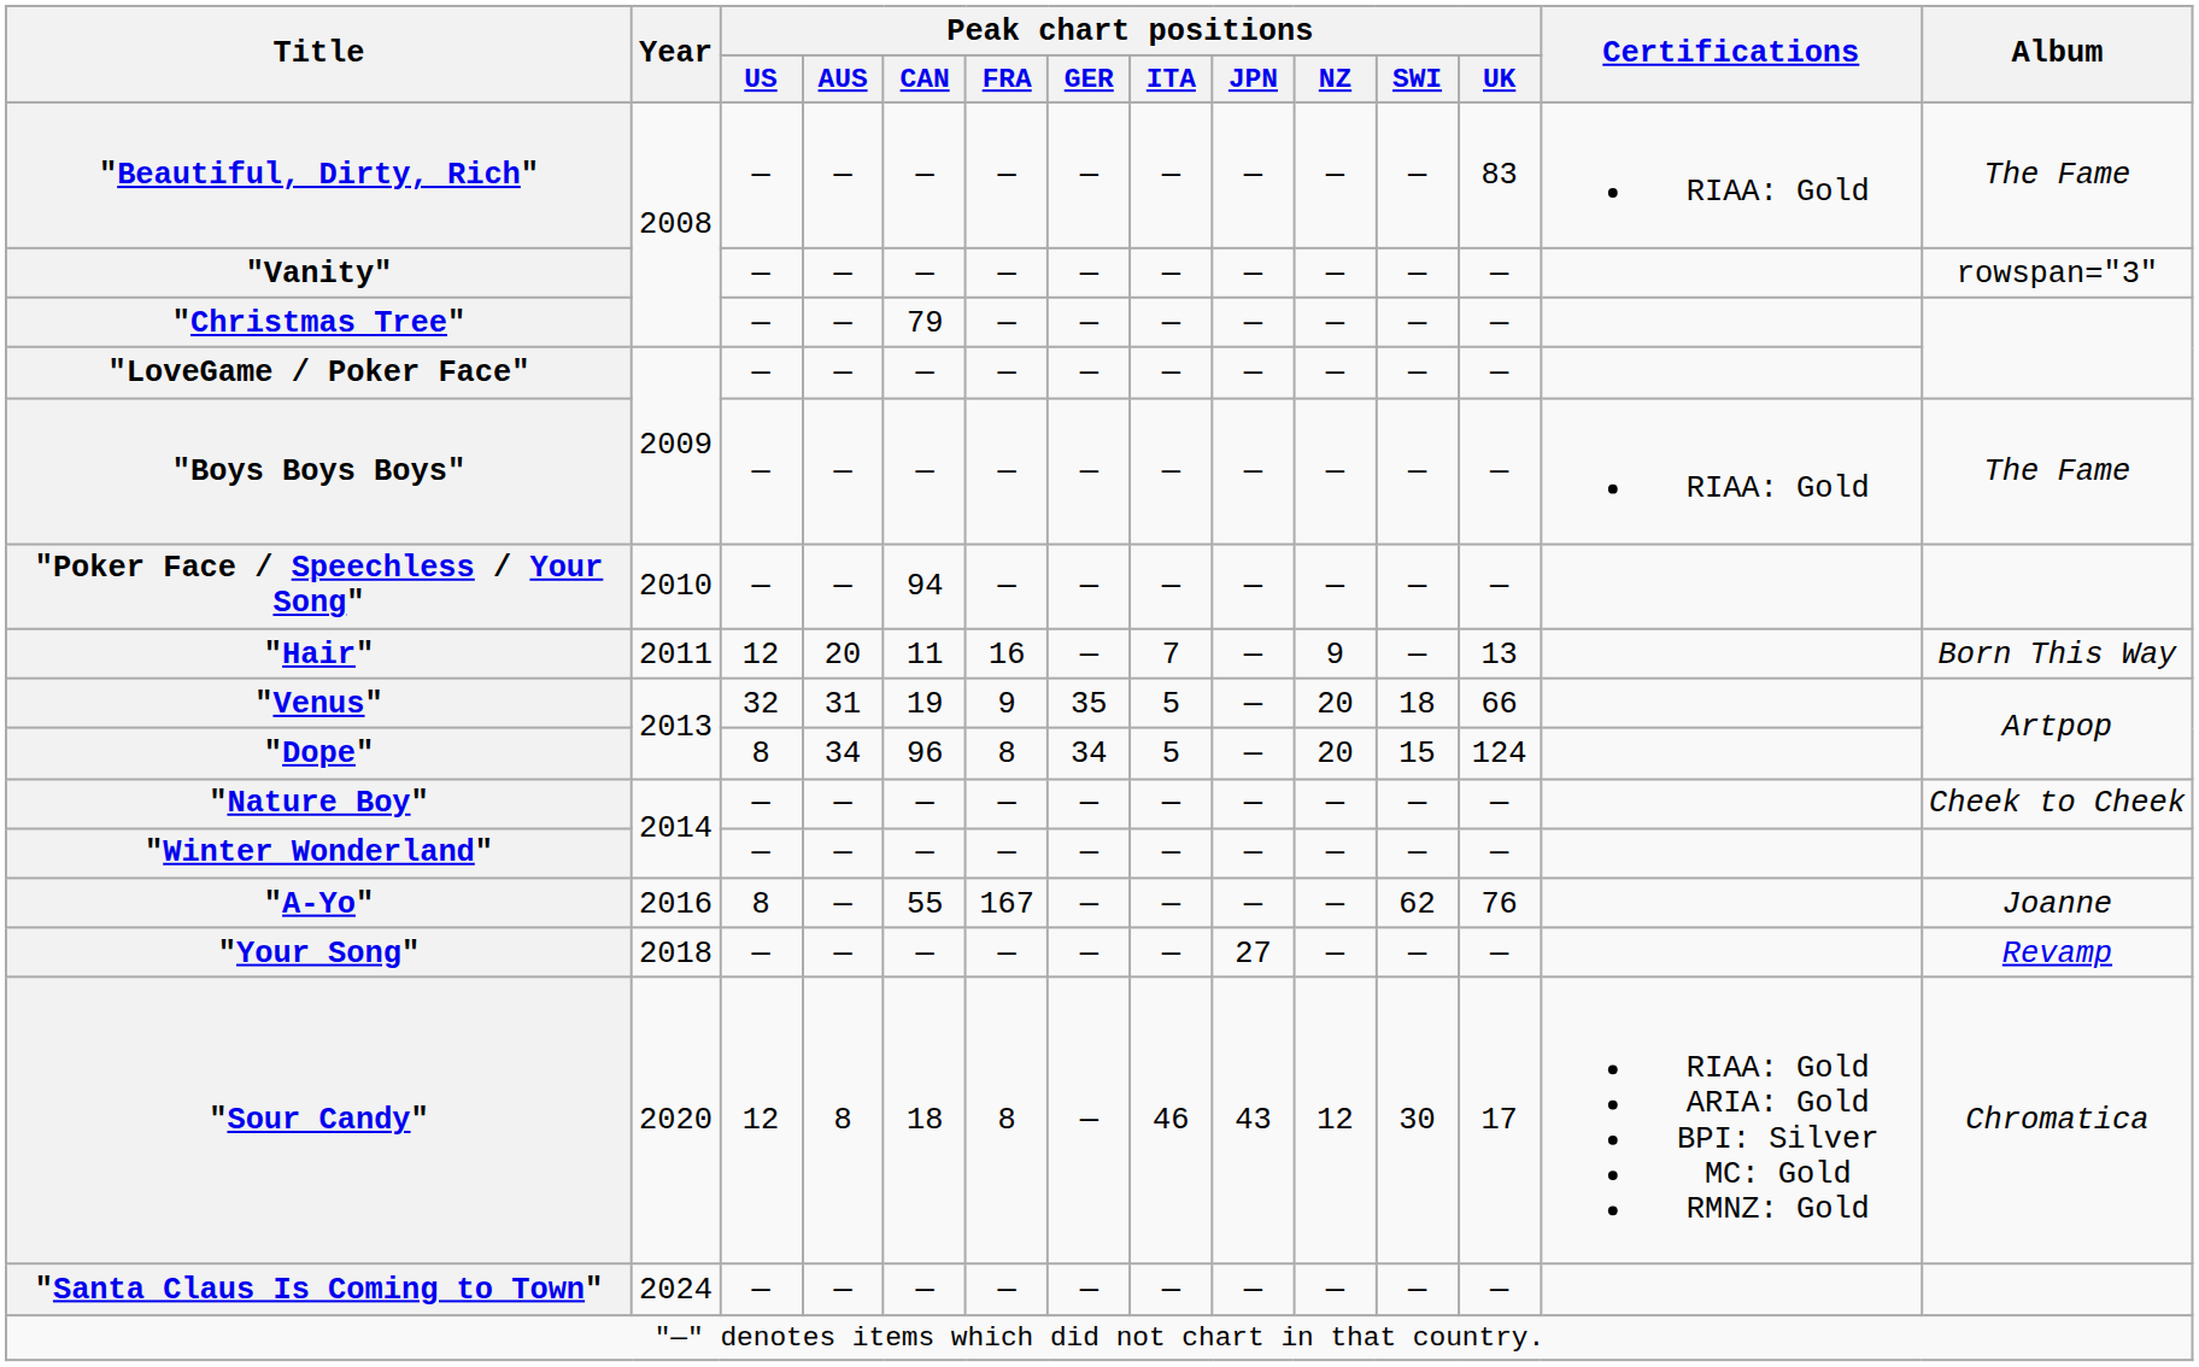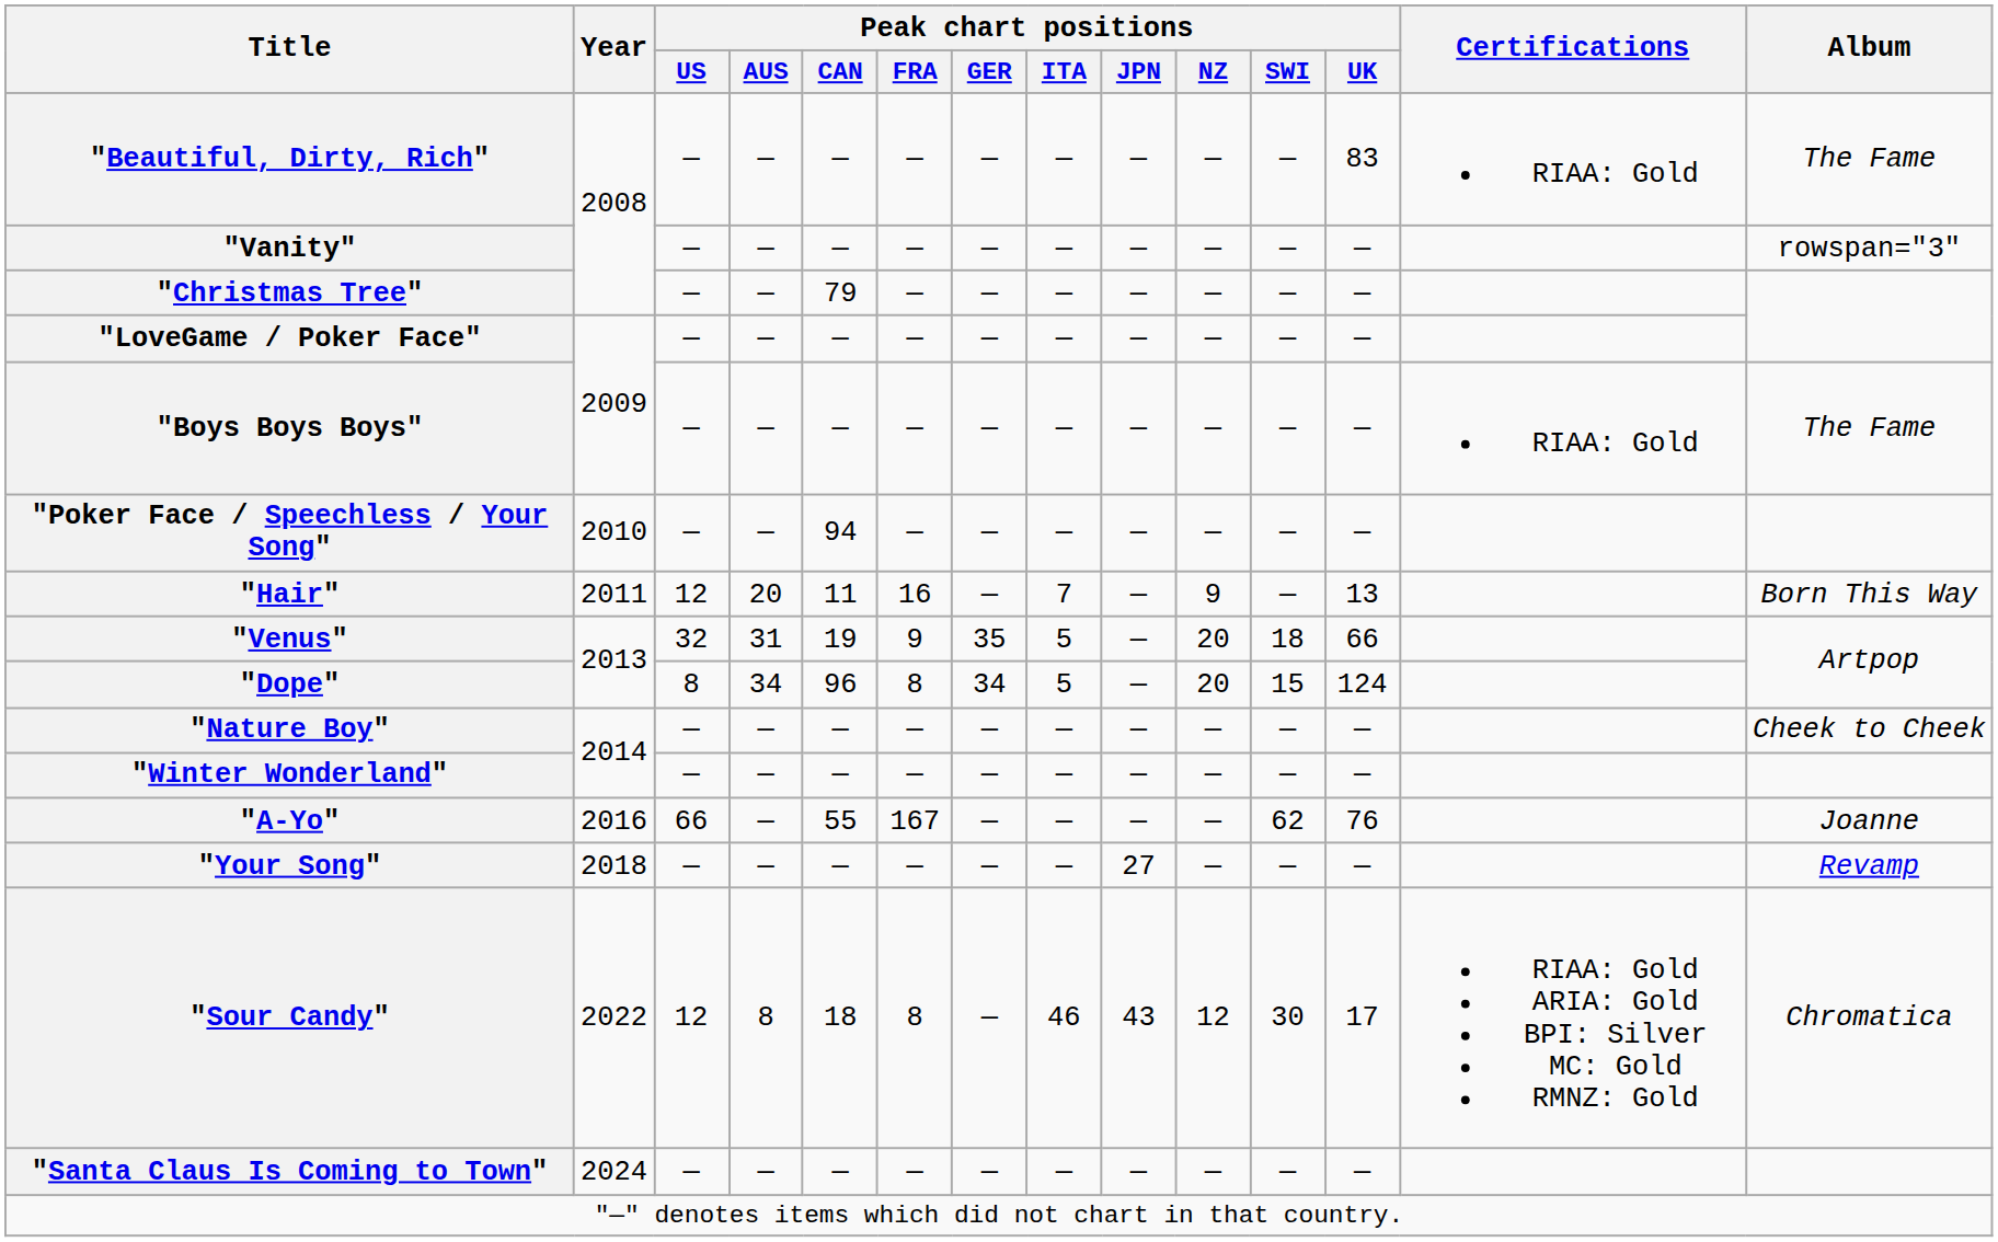 <table class="wikitable plainrowheaders" style="text-align:center;">
 <tr>
 <th scope="col" rowspan="2" style="width:20em;">Title</th>
 <th scope="col" rowspan="2">Year</th>
 <th scope="col" colspan="10">Peak chart positions</th>
 <th scope="col" rowspan="2" style="width:12em;"><a href='#'>Certifications</a></th>
 <th scope="col" rowspan="2">Album</th>
 </tr>
 <tr>
 <th style="width:2.5em;font-size:90%"><a href='#'>US</a><br></th>
 <th style="width:2.5em;font-size:90%"><a href='#'>AUS</a><br></th>
 <th style="width:2.5em;font-size:90%"><a href='#'>CAN</a><br></th>
 <th style="width:2.5em;font-size:90%"><a href='#'>FRA</a><br></th>
 <th style="width:2.5em;font-size:90%"><a href='#'>GER</a><br></th>
 <th style="width:2.5em;font-size:90%"><a href='#'>ITA</a><br></th>
 <th style="width:2.5em;font-size:90%"><a href='#'>JPN</a><br></th>
 <th style="width:2.5em;font-size:90%"><a href='#'>NZ</a><br></th>
 <th style="width:2.5em;font-size:90%"><a href='#'>SWI</a><br></th>
 <th style="width:2.5em;font-size:90%"><a href='#'>UK</a><br></th>
 </tr>
 <tr>
 <th scope="row">"<a href='#'>Beautiful, Dirty, Rich</a>"</th>
 <td rowspan="3">2008</td>
 <td>—</td>
 <td>—</td>
 <td>—</td>
 <td>—</td>
 <td>—</td>
 <td>—</td>
 <td>—</td>
 <td>—</td>
 <td>—</td>
 <td>83</td>
 <td><br><ul><li>RIAA: Gold</li></ul></td>
 <td><em>The Fame</em></td>
 </tr>
 <tr>
 <th scope="row">"Vanity"</th>
 <td>—</td>
 <td>—</td>
 <td>—</td>
 <td>—</td>
 <td>—</td>
 <td>—</td>
 <td>—</td>
 <td>—</td>
 <td>—</td>
 <td>—</td>
 <td></td>
 <td>rowspan="3" </td>
 </tr>
 <tr>
 <th scope="row">"<a href='#'>Christmas Tree</a>"<br></th>
 <td>—</td>
 <td>—</td>
 <td>79</td>
 <td>—</td>
 <td>—</td>
 <td>—</td>
 <td>—</td>
 <td>—</td>
 <td>—</td>
 <td>—</td>
 <td></td>
 </tr>
 <tr>
 <th scope="row">"LoveGame / Poker Face"</th>
 <td rowspan="2">2009</td>
 <td>—</td>
 <td>—</td>
 <td>—</td>
 <td>—</td>
 <td>—</td>
 <td>—</td>
 <td>—</td>
 <td>—</td>
 <td>—</td>
 <td>—</td>
 <td></td>
 </tr>
 <tr>
 <th scope="row">"Boys Boys Boys"</th>
 <td>—</td>
 <td>—</td>
 <td>—</td>
 <td>—</td>
 <td>—</td>
 <td>—</td>
 <td>—</td>
 <td>—</td>
 <td>—</td>
 <td>—</td>
 <td><br><ul><li>RIAA: Gold</li></ul></td>
 <td><em>The Fame</em></td>
 </tr>
 <tr>
 <th scope="row">"Poker Face / <a href='#'>Speechless</a> / <a href='#'>Your Song</a>"<br></th>
 <td>2010</td>
 <td>—</td>
 <td>—</td>
 <td>94</td>
 <td>—</td>
 <td>—</td>
 <td>—</td>
 <td>—</td>
 <td>—</td>
 <td>—</td>
 <td>—</td>
 <td></td>
 <td></td>
 </tr>
 <tr>
 <th scope="row">"<a href='#'>Hair</a>"</th>
 <td>2011</td>
 <td>12</td>
 <td>20</td>
 <td>11</td>
 <td>16</td>
 <td>—</td>
 <td>7</td>
 <td>—</td>
 <td>9</td>
 <td>—</td>
 <td>13</td>
 <td></td>
 <td><em>Born This Way</em></td>
 </tr>
 <tr>
 <th scope="row">"<a href='#'>Venus</a>"</th>
 <td rowspan="2">2013</td>
 <td>32</td>
 <td>31</td>
 <td>19</td>
 <td>9</td>
 <td>35</td>
 <td>5</td>
 <td>—</td>
 <td>20</td>
 <td>18</td>
 <td>66</td>
 <td></td>
 <td rowspan="2"><em>Artpop</em></td>
 </tr>
 <tr>
 <th scope="row">"<a href='#'>Dope</a>"</th>
 <td>8</td>
 <td>34</td>
 <td>96</td>
 <td>8</td>
 <td>34</td>
 <td>5</td>
 <td>—</td>
 <td>20</td>
 <td>15</td>
 <td>124</td>
 </tr>
 <tr>
 <th scope="row">"<a href='#'>Nature Boy</a>"<br></th>
 <td rowspan="2">2014</td>
 <td>—</td>
 <td>—</td>
 <td>—</td>
 <td>—</td>
 <td>—</td>
 <td>—</td>
 <td>—</td>
 <td>—</td>
 <td>—</td>
 <td>—</td>
 <td></td>
 <td><em>Cheek to Cheek</em></td>
 </tr>
 <tr>
 <th scope="row">"<a href='#'>Winter Wonderland</a>"<br></th>
 <td>—</td>
 <td>—</td>
 <td>—</td>
 <td>—</td>
 <td>—</td>
 <td>—</td>
 <td>—</td>
 <td>—</td>
 <td>—</td>
 <td>—</td>
 <td></td>
 <td></td>
 </tr>
 <tr>
 <th scope="row">"<a href='#'>A-Yo</a>"</th>
 <td>2016</td>
-<td>8</td>
+<td>66</td>
 <td>—</td>
 <td>55</td>
 <td>167</td>
 <td>—</td>
 <td>—</td>
 <td>—</td>
 <td>—</td>
 <td>62</td>
 <td>76</td>
 <td></td>
 <td><em>Joanne</em></td>
 </tr>
 <tr>
 <th scope="row">"<a href='#'>Your Song</a>"</th>
 <td>2018</td>
 <td>—</td>
 <td>—</td>
 <td>—</td>
 <td>—</td>
 <td>—</td>
 <td>—</td>
 <td>27</td>
 <td>—</td>
 <td>—</td>
 <td>—</td>
 <td></td>
 <td><em><a href='#'>Revamp</a></em></td>
 </tr>
 <tr>
 <th scope="row">"<a href='#'>Sour Candy</a>"<br></th>
-<td>2020</td>
+<td>2022</td>
 <td>12</td>
 <td>8</td>
 <td>18</td>
 <td>8</td>
 <td>—</td>
 <td>46</td>
 <td>43</td>
 <td>12</td>
 <td>30</td>
 <td>17</td>
 <td><br><ul><li>RIAA: Gold</li><li>ARIA: Gold</li><li>BPI: Silver</li><li>MC: Gold</li><li>RMNZ: Gold</li></ul></td>
 <td><em>Chromatica</em></td>
 </tr>
 <tr>
 <th scope="row">"<a href='#'>Santa Claus Is Coming to Town</a>"</th>
 <td>2024</td>
 <td>—</td>
 <td>—</td>
 <td>—</td>
 <td>—</td>
 <td>—</td>
 <td>—</td>
 <td>—</td>
 <td>—</td>
 <td>—</td>
 <td>—</td>
 <td></td>
 <td></td>
 </tr>
 <tr>
 <td colspan="14" style="text-align:center; font-size:90%;">"—" denotes items which did not chart in that country.</td>
 </tr>
 </table>
